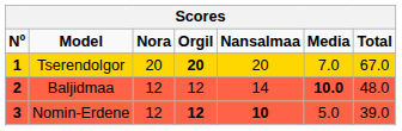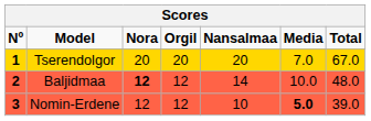 <table class="wikitable collapsible autocollapse" style="text-align:center;">
 <tr>
 <th colspan="8">Scores</th>
 </tr>
 <tr>
 <td><strong>Nº</strong></td>
 <td><strong>Model</strong></td>
 <td><strong>Nora</strong></td>
 <td><strong>Orgil</strong></td>
 <td><strong>Nansalmaa</strong></td>
 <td><strong>Media</strong></td>
 <td><strong>Total</strong></td>
 </tr>
 <tr>
 <td style="background:gold"><strong>1</strong></td>
 <td style="background:gold">Tserendolgor</td>
 <td style="background:gold">20</td>
-<td style="background:gold"><strong>20</strong></td>
+<td style="background:gold">20</td>
 <td style="background:gold">20</td>
 <td style="background:gold">7.0</td>
 <td style="background:gold">67.0</td>
 </tr>
 <tr>
 <td style="background:tomato"><strong>2</strong></td>
 <td style="background:tomato">Baljidmaa</td>
-<td style="background:tomato">12</td>
+<td style="background:tomato"><strong>12</strong></td>
 <td style="background:tomato">12</td>
 <td style="background:tomato">14</td>
-<td style="background:tomato"><strong>10.0</strong></td>
+<td style="background:tomato">10.0</td>
 <td style="background:tomato">48.0</td>
 </tr>
 <tr>
 <td style="background:tomato"><strong>3</strong></td>
 <td style="background:tomato">Nomin-Erdene</td>
 <td style="background:tomato">12</td>
-<td style="background:tomato"><strong>12</strong></td>
-<td style="background:tomato"><strong>10</strong></td>
-<td style="background:tomato">5.0</td>
+<td style="background:tomato">12</td>
+<td style="background:tomato">10</td>
+<td style="background:tomato"><strong>5.0</strong></td>
 <td style="background:tomato">39.0</td>
 </tr>
 </table>
